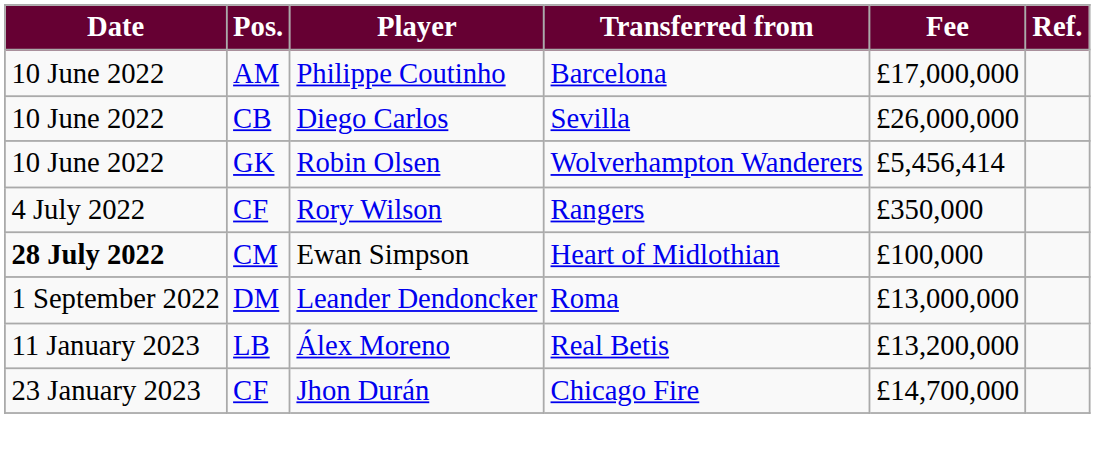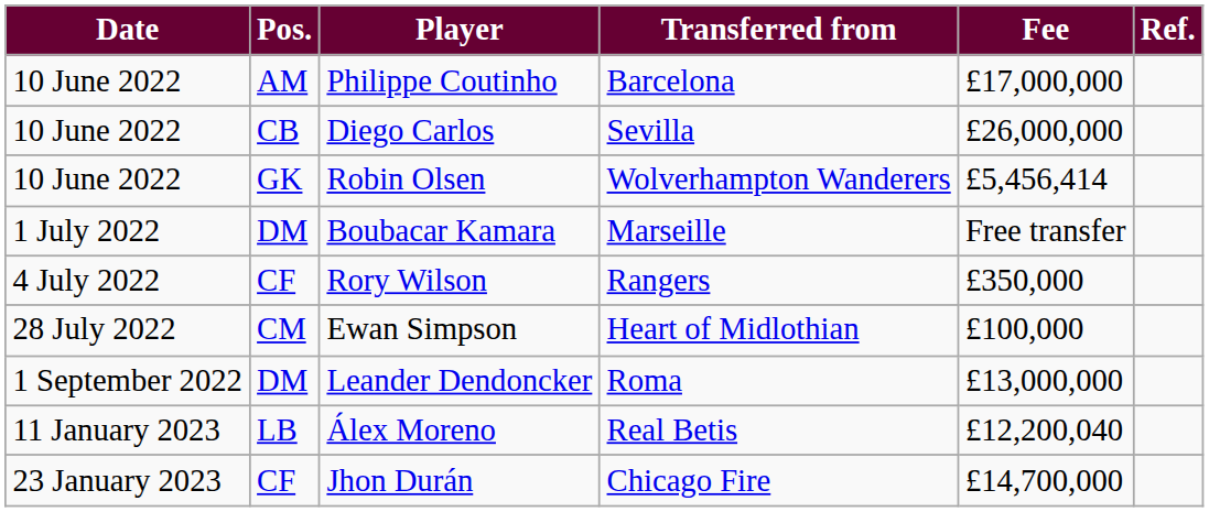 <table class="wikitable plainrowheaders sortable">
 <tr>
 <th style="background:#660033; color:#ffffff; ">Date</th>
 <th style="background:#660033; color:#ffffff; ">Pos.</th>
 <th style="background:#660033; color:#ffffff; ">Player</th>
 <th style="background:#660033; color:#ffffff; ">Transferred from</th>
 <th style="background:#660033; color:#ffffff; ">Fee</th>
 <th style="background:#660033; color:#ffffff; ">Ref.</th>
 </tr>
 <tr>
 <td>10 June 2022</td>
 <td><a href='#'>AM</a></td>
 <td> <a href='#'>Philippe Coutinho</a></td>
 <td> <a href='#'>Barcelona</a></td>
 <td>£17,000,000</td>
 <td></td>
 </tr>
 <tr>
 <td>10 June 2022</td>
 <td><a href='#'>CB</a></td>
 <td> <a href='#'>Diego Carlos</a></td>
 <td> <a href='#'>Sevilla</a></td>
 <td>£26,000,000</td>
 <td></td>
 </tr>
 <tr>
 <td>10 June 2022</td>
 <td><a href='#'>GK</a></td>
 <td> <a href='#'>Robin Olsen</a></td>
 <td> <a href='#'>Wolverhampton Wanderers</a></td>
 <td>£5,456,414</td>
 <td></td>
 </tr>
 <tr>
+<td>1 July 2022</td>
+<td><a href='#'>DM</a></td>
+<td> <a href='#'>Boubacar Kamara</a></td>
+<td> <a href='#'>Marseille</a></td>
+<td>Free transfer</td>
+<td></td>
+</tr>
+<tr>
 <td>4 July 2022</td>
 <td><a href='#'>CF</a></td>
 <td> <a href='#'>Rory Wilson</a></td>
 <td> <a href='#'>Rangers</a></td>
 <td>£350,000</td>
 <td></td>
 </tr>
 <tr>
-<td><strong>28 July 2022</strong></td>
+<td>28 July 2022</td>
 <td><a href='#'>CM</a></td>
 <td> Ewan Simpson</td>
 <td> <a href='#'>Heart of Midlothian</a></td>
 <td>£100,000</td>
 <td></td>
 </tr>
 <tr>
 <td>1 September 2022</td>
 <td><a href='#'>DM</a></td>
 <td> <a href='#'>Leander Dendoncker</a></td>
 <td> <a href='#'>Roma</a></td>
 <td>£13,000,000</td>
 <td></td>
 </tr>
 <tr>
 <td>11 January 2023</td>
 <td><a href='#'>LB</a></td>
 <td> <a href='#'>Álex Moreno</a></td>
 <td> <a href='#'>Real Betis</a></td>
-<td>£13,200,000</td>
+<td>£12,200,040</td>
 <td></td>
 </tr>
 <tr>
 <td>23 January 2023</td>
 <td><a href='#'>CF</a></td>
 <td> <a href='#'>Jhon Durán</a></td>
 <td> <a href='#'>Chicago Fire</a></td>
 <td>£14,700,000</td>
 <td></td>
 </tr>
 </table>
